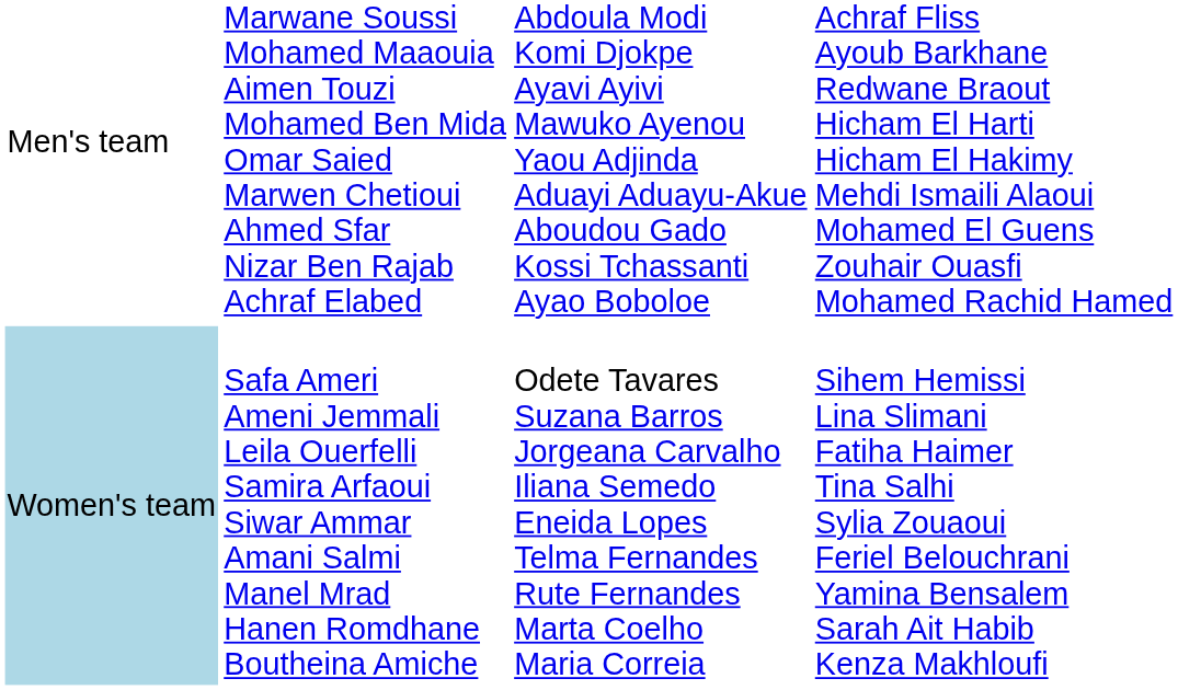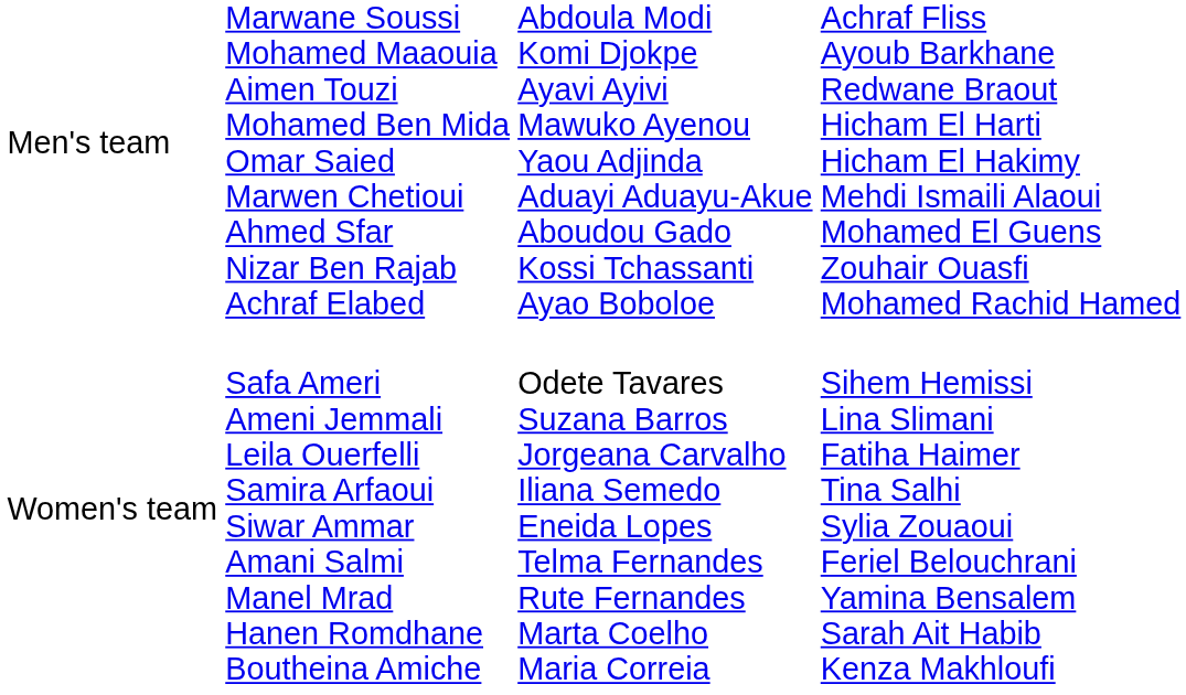 <table>
 <tr>
 <td>Men's team</td>
 <td><br><a href='#'>Marwane Soussi</a><br><a href='#'>Mohamed Maaouia</a><br><a href='#'>Aimen Touzi</a><br><a href='#'>Mohamed Ben Mida</a><br><a href='#'>Omar Saied</a><br><a href='#'>Marwen Chetioui</a><br><a href='#'>Ahmed Sfar</a><br><a href='#'>Nizar Ben Rajab</a><br><a href='#'>Achraf Elabed</a></td>
 <td><br><a href='#'>Abdoula Modi</a><br><a href='#'>Komi Djokpe</a><br><a href='#'>Ayavi Ayivi</a><br><a href='#'>Mawuko Ayenou</a><br><a href='#'>Yaou Adjinda</a><br><a href='#'>Aduayi Aduayu-Akue</a><br><a href='#'>Aboudou Gado</a><br><a href='#'>Kossi Tchassanti</a><br><a href='#'>Ayao Boboloe</a></td>
 <td><br><a href='#'>Achraf Fliss</a><br><a href='#'>Ayoub Barkhane</a><br><a href='#'>Redwane Braout</a><br><a href='#'>Hicham El Harti</a><br><a href='#'>Hicham El Hakimy</a><br><a href='#'>Mehdi Ismaili Alaoui</a><br><a href='#'>Mohamed El Guens</a><br><a href='#'>Zouhair Ouasfi</a><br><a href='#'>Mohamed Rachid Hamed</a></td>
 </tr>
 <tr>
-<td style="background: lightblue;">Women's team</td>
+<td>Women's team</td>
 <td><br><a href='#'>Safa Ameri</a><br><a href='#'>Ameni Jemmali</a><br><a href='#'>Leila Ouerfelli</a><br><a href='#'>Samira Arfaoui</a><br><a href='#'>Siwar Ammar</a><br><a href='#'>Amani Salmi</a><br><a href='#'>Manel Mrad</a><br><a href='#'>Hanen Romdhane</a><br><a href='#'>Boutheina Amiche</a></td>
 <td><br>Odete Tavares<br><a href='#'>Suzana Barros</a><br><a href='#'>Jorgeana Carvalho</a><br><a href='#'>Iliana Semedo</a><br><a href='#'>Eneida Lopes</a><br><a href='#'>Telma Fernandes</a><br><a href='#'>Rute Fernandes</a><br><a href='#'>Marta Coelho</a><br><a href='#'>Maria Correia</a></td>
 <td><br><a href='#'>Sihem Hemissi</a><br><a href='#'>Lina Slimani</a><br><a href='#'>Fatiha Haimer</a><br><a href='#'>Tina Salhi</a><br><a href='#'>Sylia Zouaoui</a><br><a href='#'>Feriel Belouchrani</a><br><a href='#'>Yamina Bensalem</a><br><a href='#'>Sarah Ait Habib</a><br><a href='#'>Kenza Makhloufi</a></td>
 </tr>
 </table>
